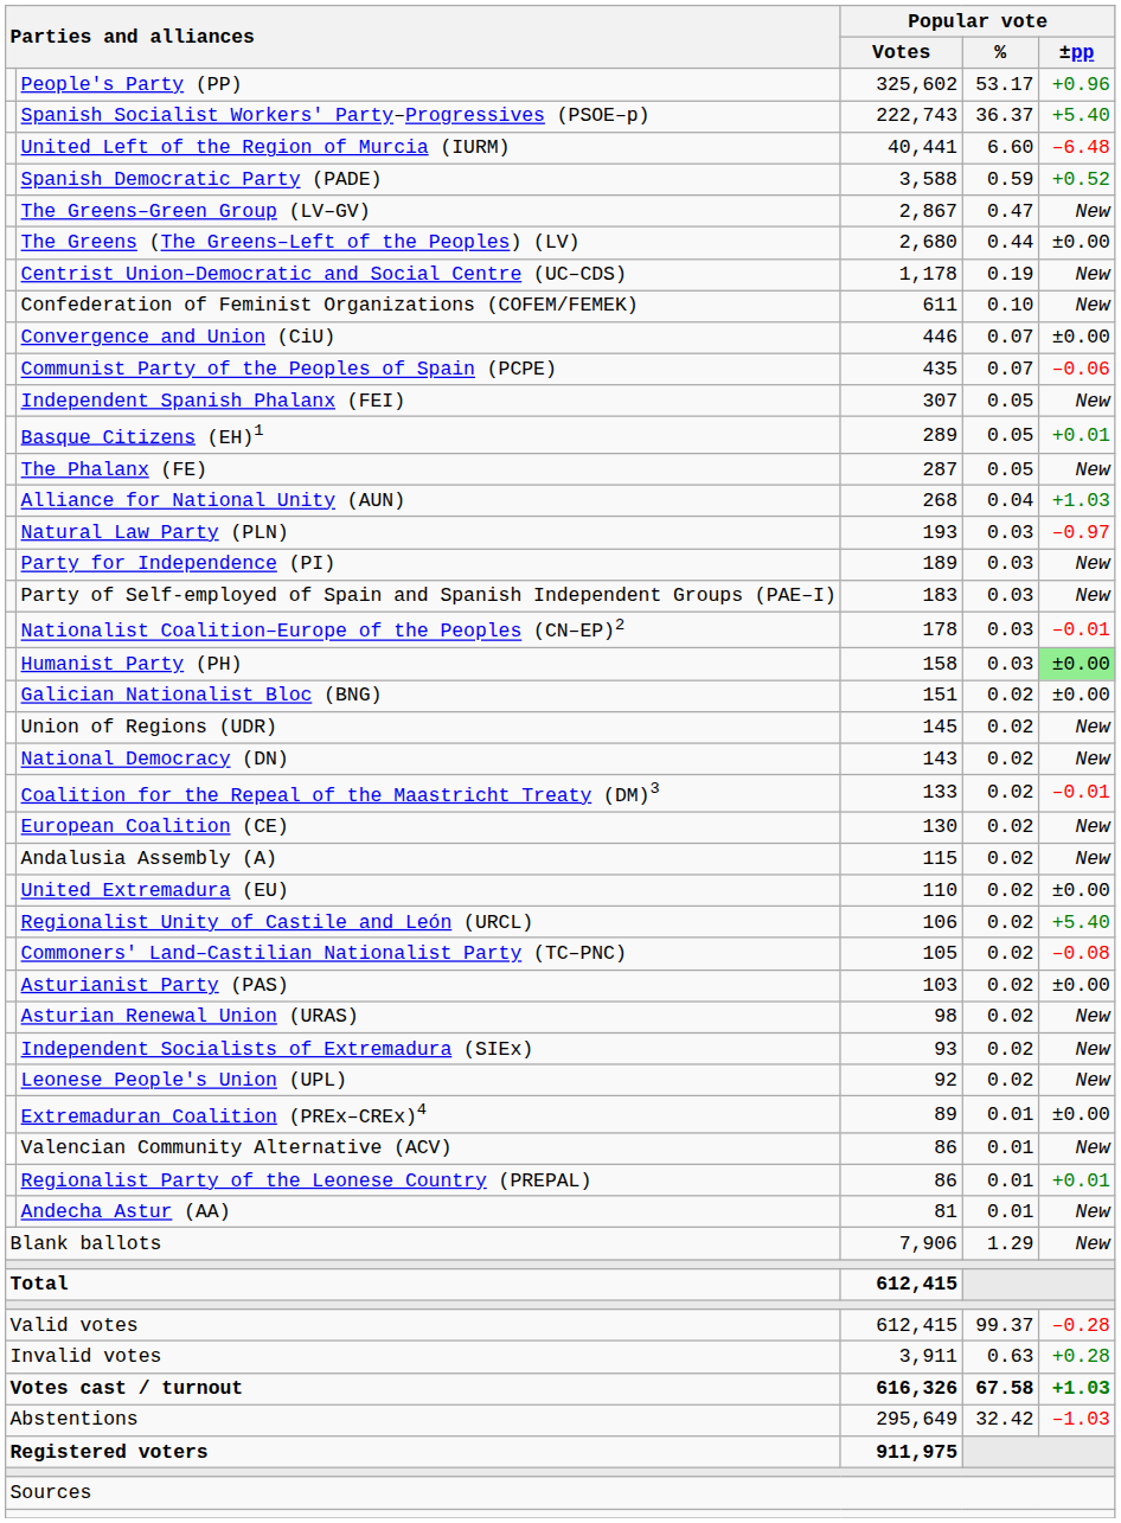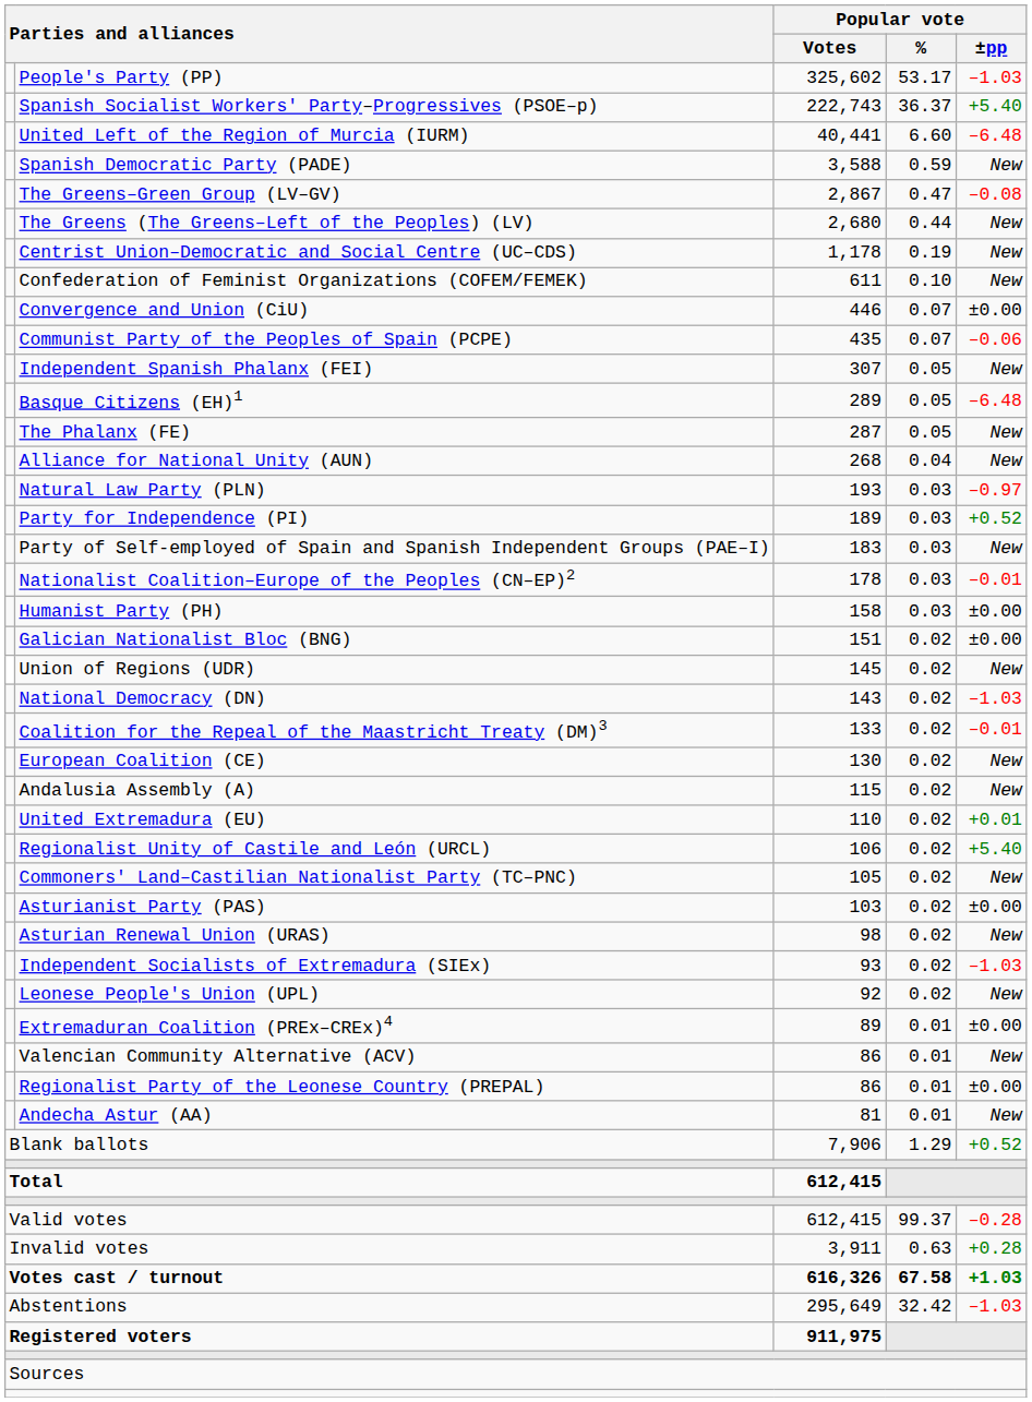 <table class="wikitable" style="text-align:right">
 <tr>
 <th style="text-align:left;" rowspan="2" colspan="2" width="525">Parties and alliances</th>
 <th colspan="3">Popular vote</th>
 </tr>
 <tr>
 <th width="75">Votes</th>
 <th width="45">%</th>
 <th width="45">±<a href='#'>pp</a></th>
 </tr>
 <tr>
 <td width="1" style="color:inherit;background:"></td>
 <td align="left"><a href='#'>People's Party</a> (PP)</td>
 <td>325,602</td>
 <td>53.17</td>
-<td style="color:green;">+0.96</td>
+<td style="color:red;">–1.03</td>
 </tr>
 <tr>
 <td style="color:inherit;background:"></td>
 <td align="left"><a href='#'>Spanish Socialist Workers' Party</a>–<a href='#'>Progressives</a> (PSOE–p)</td>
 <td>222,743</td>
 <td>36.37</td>
 <td style="color:green;">+5.40</td>
 </tr>
 <tr>
 <td style="color:inherit;background:"></td>
 <td align="left"><a href='#'>United Left of the Region of Murcia</a> (IURM)</td>
 <td>40,441</td>
 <td>6.60</td>
 <td style="color:red;">–6.48</td>
 </tr>
 <tr>
 <td style="color:inherit;background:"></td>
 <td align="left"><a href='#'>Spanish Democratic Party</a> (PADE)</td>
 <td>3,588</td>
 <td>0.59</td>
-<td style="color:green;">+0.52</td>
+<td><em>New</em></td>
 </tr>
 <tr>
 <td style="color:inherit;background:"></td>
 <td align="left"><a href='#'>The Greens–Green Group</a> (LV–GV)</td>
 <td>2,867</td>
 <td>0.47</td>
-<td><em>New</em></td>
+<td style="color:red;">–0.08</td>
 </tr>
 <tr>
 <td style="color:inherit;background:"></td>
 <td align="left"><a href='#'>The Greens</a> (<a href='#'>The Greens–Left of the Peoples</a>) (LV)</td>
 <td>2,680</td>
 <td>0.44</td>
-<td>±0.00</td>
+<td><em>New</em></td>
 </tr>
 <tr>
 <td style="color:inherit;background:"></td>
 <td align="left"><a href='#'>Centrist Union–Democratic and Social Centre</a> (UC–CDS)</td>
 <td>1,178</td>
 <td>0.19</td>
 <td><em>New</em></td>
 </tr>
 <tr>
 <td style="color:inherit;background:"></td>
 <td align="left">Confederation of Feminist Organizations (COFEM/FEMEK)</td>
 <td>611</td>
 <td>0.10</td>
 <td><em>New</em></td>
 </tr>
 <tr>
 <td style="color:inherit;background:"></td>
 <td align="left"><a href='#'>Convergence and Union</a> (CiU)</td>
 <td>446</td>
 <td>0.07</td>
 <td>±0.00</td>
 </tr>
 <tr>
 <td style="color:inherit;background:"></td>
 <td align="left"><a href='#'>Communist Party of the Peoples of Spain</a> (PCPE)</td>
 <td>435</td>
 <td>0.07</td>
 <td style="color:red;">–0.06</td>
 </tr>
 <tr>
 <td style="color:inherit;background:"></td>
 <td align="left"><a href='#'>Independent Spanish Phalanx</a> (FEI)</td>
 <td>307</td>
 <td>0.05</td>
 <td><em>New</em></td>
 </tr>
 <tr>
 <td style="color:inherit;background:"></td>
 <td align="left"><a href='#'>Basque Citizens</a> (EH)<sup>1</sup></td>
 <td>289</td>
 <td>0.05</td>
-<td style="color:green;">+0.01</td>
+<td style="color:red;">–6.48</td>
 </tr>
 <tr>
 <td style="color:inherit;background:"></td>
 <td align="left"><a href='#'>The Phalanx</a> (FE)</td>
 <td>287</td>
 <td>0.05</td>
 <td><em>New</em></td>
 </tr>
 <tr>
 <td style="color:inherit;background:"></td>
 <td align="left"><a href='#'>Alliance for National Unity</a> (AUN)</td>
 <td>268</td>
 <td>0.04</td>
-<td style="color:green;">+1.03</td>
+<td><em>New</em></td>
 </tr>
 <tr>
 <td style="color:inherit;background:"></td>
 <td align="left"><a href='#'>Natural Law Party</a> (PLN)</td>
 <td>193</td>
 <td>0.03</td>
 <td style="color:red;">–0.97</td>
 </tr>
 <tr>
 <td style="color:inherit;background:"></td>
 <td align="left"><a href='#'>Party for Independence</a> (PI)</td>
 <td>189</td>
 <td>0.03</td>
-<td><em>New</em></td>
+<td style="color:green;">+0.52</td>
 </tr>
 <tr>
 <td style="color:inherit;background:"></td>
 <td align="left">Party of Self-employed of Spain and Spanish Independent Groups (PAE–I)</td>
 <td>183</td>
 <td>0.03</td>
 <td><em>New</em></td>
 </tr>
 <tr>
 <td style="color:inherit;background:"></td>
 <td align="left"><a href='#'>Nationalist Coalition–Europe of the Peoples</a> (CN–EP)<sup>2</sup></td>
 <td>178</td>
 <td>0.03</td>
 <td style="color:red;">–0.01</td>
 </tr>
 <tr>
 <td style="color:inherit;background:"></td>
 <td align="left"><a href='#'>Humanist Party</a> (PH)</td>
 <td>158</td>
 <td>0.03</td>
-<td style="background: lightgreen;">±0.00</td>
+<td>±0.00</td>
 </tr>
 <tr>
 <td style="color:inherit;background:"></td>
 <td align="left"><a href='#'>Galician Nationalist Bloc</a> (BNG)</td>
 <td>151</td>
 <td>0.02</td>
 <td>±0.00</td>
 </tr>
 <tr>
 <td bgcolor="white"></td>
 <td align="left">Union of Regions (UDR)</td>
 <td>145</td>
 <td>0.02</td>
 <td><em>New</em></td>
 </tr>
 <tr>
 <td style="color:inherit;background:"></td>
 <td align="left"><a href='#'>National Democracy</a> (DN)</td>
 <td>143</td>
 <td>0.02</td>
-<td><em>New</em></td>
+<td style="color:red;">–1.03</td>
 </tr>
 <tr>
 <td style="color:inherit;background:"></td>
 <td align="left"><a href='#'>Coalition for the Repeal of the Maastricht Treaty</a> (DM)<sup>3</sup></td>
 <td>133</td>
 <td>0.02</td>
 <td style="color:red;">–0.01</td>
 </tr>
 <tr>
 <td style="color:inherit;background:"></td>
 <td align="left"><a href='#'>European Coalition</a> (CE)</td>
 <td>130</td>
 <td>0.02</td>
 <td><em>New</em></td>
 </tr>
 <tr>
 <td style="color:inherit;background:"></td>
 <td align="left">Andalusia Assembly (A)</td>
 <td>115</td>
 <td>0.02</td>
 <td><em>New</em></td>
 </tr>
 <tr>
 <td style="color:inherit;background:"></td>
 <td align="left"><a href='#'>United Extremadura</a> (EU)</td>
 <td>110</td>
 <td>0.02</td>
-<td>±0.00</td>
+<td style="color:green;">+0.01</td>
 </tr>
 <tr>
 <td style="color:inherit;background:"></td>
 <td align="left"><a href='#'>Regionalist Unity of Castile and León</a> (URCL)</td>
 <td>106</td>
 <td>0.02</td>
 <td style="color:green;">+5.40</td>
 </tr>
 <tr>
 <td style="color:inherit;background:"></td>
 <td align="left"><a href='#'>Commoners' Land–Castilian Nationalist Party</a> (TC–PNC)</td>
 <td>105</td>
 <td>0.02</td>
-<td style="color:red;">–0.08</td>
+<td><em>New</em></td>
 </tr>
 <tr>
 <td style="color:inherit;background:"></td>
 <td align="left"><a href='#'>Asturianist Party</a> (PAS)</td>
 <td>103</td>
 <td>0.02</td>
 <td>±0.00</td>
 </tr>
 <tr>
 <td style="color:inherit;background:"></td>
 <td align="left"><a href='#'>Asturian Renewal Union</a> (URAS)</td>
 <td>98</td>
 <td>0.02</td>
 <td><em>New</em></td>
 </tr>
 <tr>
 <td style="color:inherit;background:"></td>
 <td align="left"><a href='#'>Independent Socialists of Extremadura</a> (SIEx)</td>
 <td>93</td>
 <td>0.02</td>
-<td><em>New</em></td>
+<td style="color:red;">–1.03</td>
 </tr>
 <tr>
 <td style="color:inherit;background:"></td>
 <td align="left"><a href='#'>Leonese People's Union</a> (UPL)</td>
 <td>92</td>
 <td>0.02</td>
 <td><em>New</em></td>
 </tr>
 <tr>
 <td style="color:inherit;background:"></td>
 <td align="left"><a href='#'>Extremaduran Coalition</a> (PREx–CREx)<sup>4</sup></td>
 <td>89</td>
 <td>0.01</td>
 <td>±0.00</td>
 </tr>
 <tr>
 <td bgcolor="white"></td>
 <td align="left">Valencian Community Alternative (ACV)</td>
 <td>86</td>
 <td>0.01</td>
 <td><em>New</em></td>
 </tr>
 <tr>
 <td style="color:inherit;background:"></td>
 <td align="left"><a href='#'>Regionalist Party of the Leonese Country</a> (PREPAL)</td>
 <td>86</td>
 <td>0.01</td>
-<td style="color:green;">+0.01</td>
+<td>±0.00</td>
 </tr>
 <tr>
 <td style="color:inherit;background:"></td>
 <td align="left"><a href='#'>Andecha Astur</a> (AA)</td>
 <td>81</td>
 <td>0.01</td>
 <td><em>New</em></td>
 </tr>
 <tr>
 <td align="left" colspan="2">Blank ballots</td>
 <td>7,906</td>
 <td>1.29</td>
-<td><em>New</em></td>
+<td style="color:green;">+0.52</td>
 </tr>
 <tr>
 <td colspan="5" bgcolor="#E9E9E9"></td>
 </tr>
 <tr style="font-weight:bold;">
 <td align="left" colspan="2">Total</td>
 <td>612,415</td>
 <td bgcolor="#E9E9E9" colspan="2"></td>
 </tr>
 <tr>
 <td colspan="5" bgcolor="#E9E9E9"></td>
 </tr>
 <tr>
 <td align="left" colspan="2">Valid votes</td>
 <td>612,415</td>
 <td>99.37</td>
 <td style="color:red;">–0.28</td>
 </tr>
 <tr>
 <td align="left" colspan="2">Invalid votes</td>
 <td>3,911</td>
 <td>0.63</td>
 <td style="color:green;">+0.28</td>
 </tr>
 <tr style="font-weight:bold;">
 <td align="left" colspan="2">Votes cast / turnout</td>
 <td>616,326</td>
 <td>67.58</td>
 <td style="color:green;">+1.03</td>
 </tr>
 <tr>
 <td align="left" colspan="2">Abstentions</td>
 <td>295,649</td>
 <td>32.42</td>
 <td style="color:red;">–1.03</td>
 </tr>
 <tr style="font-weight:bold;">
 <td align="left" colspan="2">Registered voters</td>
 <td>911,975</td>
 <td bgcolor="#E9E9E9" colspan="2"></td>
 </tr>
 <tr>
 <td colspan="5" bgcolor="#E9E9E9"></td>
 </tr>
 <tr>
 <td align="left" colspan="5">Sources</td>
 </tr>
 <tr>
 <td colspan="5" style="text-align:left; max-width:680px;"></td>
 </tr>
 </table>
